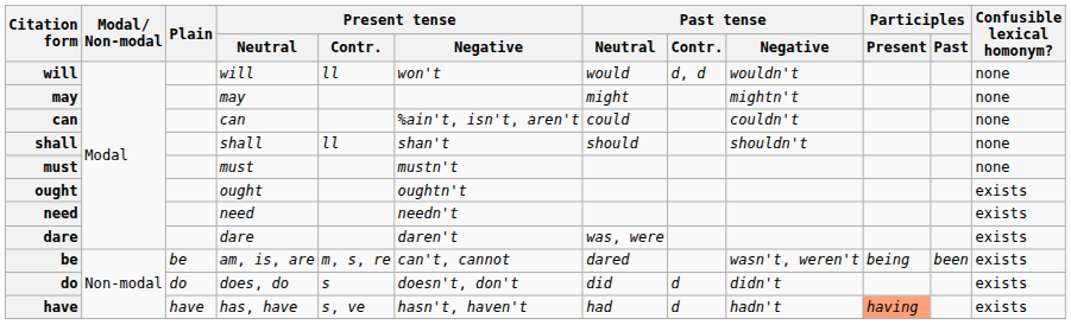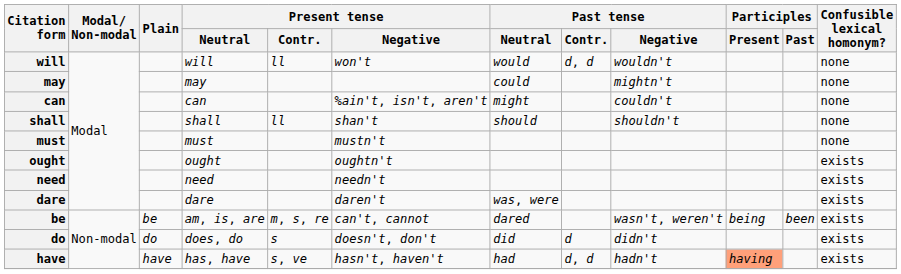 <table class="wikitable">
 <tr>
 <th rowspan="2" style="text-align:right;">Citation<br>form</th>
 <th rowspan="2">Modal/<br>Non-modal</th>
 <th rowspan="2">Plain</th>
 <th colspan="3">Present tense</th>
 <th colspan="3">Past tense</th>
 <th colspan="2">Participles</th>
 <th rowspan="2">Confusible<br>lexical<br>homonym?</th>
 </tr>
 <tr>
 <th>Neutral</th>
 <th>Contr.</th>
 <th>Negative</th>
 <th>Neutral</th>
 <th>Contr.</th>
 <th>Negative</th>
 <th>Present</th>
 <th>Past</th>
 </tr>
 <tr>
 <th style="text-align:right;">will</th>
 <td rowspan="8">Modal</td>
 <td></td>
 <td><em>will</em></td>
 <td><em>ll</em></td>
 <td><em>won't</em></td>
 <td><em>would</em></td>
 <td><em>d</em>, <em>d</em></td>
 <td><em>wouldn't</em></td>
 <td></td>
 <td></td>
 <td>none</td>
 </tr>
 <tr>
 <th style="text-align:right;">may</th>
 <td></td>
 <td><em>may</em></td>
 <td></td>
 <td></td>
-<td><em>might</em></td>
+<td><em>could</em></td>
 <td></td>
 <td><em>mightn't</em></td>
 <td></td>
 <td></td>
 <td>none</td>
 </tr>
 <tr>
 <th style="text-align:right;">can</th>
 <td></td>
 <td><em>can</em></td>
 <td></td>
 <td>%<em>ain't</em>, <em>isn't</em>, <em>aren't</em></td>
-<td><em>could</em></td>
+<td><em>might</em></td>
 <td></td>
 <td><em>couldn't</em></td>
 <td></td>
 <td></td>
 <td>none</td>
 </tr>
 <tr>
 <th style="text-align:right;">shall</th>
 <td></td>
 <td><em>shall</em></td>
 <td><em>ll</em></td>
 <td><em>shan't</em></td>
 <td><em>should</em></td>
 <td></td>
 <td><em>shouldn't</em></td>
 <td></td>
 <td></td>
 <td>none</td>
 </tr>
 <tr>
 <th style="text-align:right;">must</th>
 <td></td>
 <td><em>must</em></td>
 <td></td>
 <td><em>mustn't</em></td>
 <td></td>
 <td></td>
 <td></td>
 <td></td>
 <td></td>
 <td>none</td>
 </tr>
 <tr>
 <th style="text-align:right;">ought</th>
 <td></td>
 <td><em>ought</em></td>
 <td></td>
 <td><em>oughtn't</em></td>
 <td></td>
 <td></td>
 <td></td>
 <td></td>
 <td></td>
 <td>exists</td>
 </tr>
 <tr>
 <th style="text-align:right;">need</th>
 <td></td>
 <td><em>need</em></td>
 <td></td>
 <td><em>needn't</em></td>
 <td></td>
 <td></td>
 <td></td>
 <td></td>
 <td></td>
 <td>exists</td>
 </tr>
 <tr>
 <th style="text-align:right;">dare</th>
 <td></td>
 <td><em>dare</em></td>
 <td></td>
 <td><em>daren't</em></td>
 <td><em>was</em>, <em>were</em></td>
 <td></td>
 <td></td>
 <td></td>
 <td></td>
 <td>exists</td>
 </tr>
 <tr>
 <th style="text-align:right;">be</th>
 <td rowspan="5">Non-modal</td>
 <td><em>be</em></td>
 <td><em>am</em>, <em>is</em>, <em>are</em></td>
 <td><em>m</em>, <em>s</em>, <em>re</em></td>
 <td><em>can't</em>, <em>cannot</em></td>
 <td><em>dared</em></td>
 <td></td>
 <td><em>wasn't</em>, <em>weren't</em></td>
 <td><em>being</em></td>
 <td><em>been</em></td>
 <td>exists</td>
 </tr>
 <tr>
 <th style="text-align:right;">do</th>
 <td><em>do</em></td>
 <td><em>does</em>, <em>do</em></td>
 <td><em>s</em></td>
 <td><em>doesn't</em>, <em>don't</em></td>
 <td><em>did</em></td>
 <td><em>d</em></td>
 <td><em>didn't</em></td>
 <td></td>
 <td></td>
 <td>exists</td>
 </tr>
 <tr>
 <th style="text-align:right;">have</th>
 <td><em>have</em></td>
 <td><em>has</em>, <em>have</em></td>
 <td><em>s</em>, <em>ve</em></td>
 <td><em>hasn't</em>, <em>haven't</em></td>
 <td><em>had</em></td>
-<td><em>d</em></td>
+<td><em>d</em>, <em>d</em></td>
 <td><em>hadn't</em></td>
 <td style="background: lightsalmon;"><em>having</em></td>
 <td></td>
 <td>exists</td>
 </tr>
 <tr>
 </tr>
 </table>
